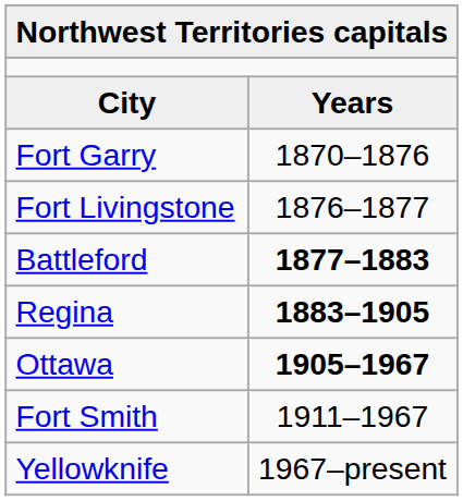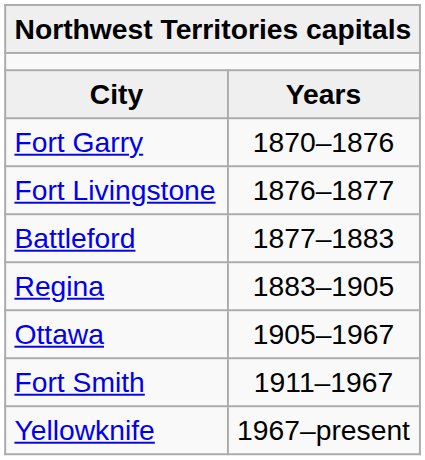 <table border=1 cellpadding=4 cellspacing=0 style="float: right; margin: 0 0 1em 1em; background: #f9f9f9; border: 1px #aaaaaa solid; border-collapse: collapse; align=right; font-size: 92%;">
 <tr bgcolor="#efefef" |>
 <th colspan=3 align=center>Northwest Territories capitals</th>
 </tr>
 <tr>
 <td align="center" colspan=2></td>
 </tr>
 <tr bgcolor="#efefef" |>
 <th>City</th>
 <th>Years</th>
 </tr>
 <tr>
 <td><a href='#'>Fort Garry</a></td>
 <td align="center">1870–1876</td>
 </tr>
 <tr>
 <td><a href='#'>Fort Livingstone</a></td>
 <td align="center">1876–1877</td>
 </tr>
 <tr>
 <td><a href='#'>Battleford</a></td>
-<td align="center"><strong>1877–1883</strong></td>
+<td align="center">1877–1883</td>
 </tr>
 <tr>
 <td><a href='#'>Regina</a></td>
-<td align="center"><strong>1883–1905</strong></td>
+<td align="center">1883–1905</td>
 </tr>
 <tr>
 <td><a href='#'>Ottawa</a></td>
-<td align="center"><strong>1905–1967</strong></td>
+<td align="center">1905–1967</td>
 </tr>
 <tr>
 <td><a href='#'>Fort Smith</a></td>
 <td align="center">1911–1967</td>
 </tr>
 <tr>
 <td><a href='#'>Yellowknife</a></td>
 <td align="center">1967–present</td>
 </tr>
 </table>
